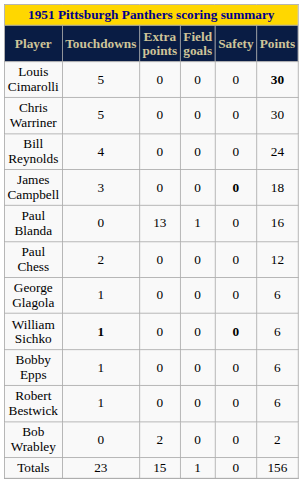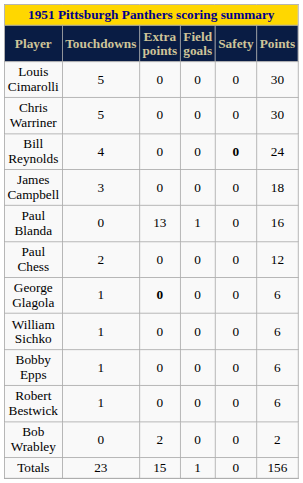 <table class="wikitable" width="35%">
 <tr>
 <th colspan="10" style="background:gold; color:darkblue; text-align: center;"><strong>1951 Pittsburgh Panthers scoring summary</strong></th>
 </tr>
 <tr align="center"  style="background:#091C44;color:#CEC499;">
 <td><strong>Player</strong></td>
 <td><strong>Touchdowns</strong></td>
 <td><strong>Extra points</strong></td>
 <td><strong>Field goals</strong></td>
 <td><strong>Safety</strong></td>
 <td><strong>Points</strong></td>
 </tr>
 <tr align="center" bgcolor="">
 <td>Louis Cimarolli</td>
 <td>5</td>
 <td>0</td>
 <td>0</td>
 <td>0</td>
-<td><strong>30</strong></td>
+<td>30</td>
 </tr>
 <tr align="center" bgcolor="">
 <td>Chris Warriner</td>
 <td>5</td>
 <td>0</td>
 <td>0</td>
 <td>0</td>
 <td>30</td>
 </tr>
 <tr align="center" bgcolor="">
 <td>Bill Reynolds</td>
 <td>4</td>
 <td>0</td>
 <td>0</td>
-<td>0</td>
+<td><strong>0</strong></td>
 <td>24</td>
 </tr>
 <tr align="center" bgcolor="">
 <td>James Campbell</td>
 <td>3</td>
 <td>0</td>
 <td>0</td>
-<td><strong>0</strong></td>
+<td>0</td>
 <td>18</td>
 </tr>
 <tr align="center" bgcolor="">
 <td>Paul Blanda</td>
 <td>0</td>
 <td>13</td>
 <td>1</td>
 <td>0</td>
 <td>16</td>
 </tr>
 <tr align="center" bgcolor="">
 <td>Paul Chess</td>
 <td>2</td>
 <td>0</td>
 <td>0</td>
 <td>0</td>
 <td>12</td>
 </tr>
 <tr align="center" bgcolor="">
 <td>George Glagola</td>
 <td>1</td>
-<td>0</td>
+<td><strong>0</strong></td>
 <td>0</td>
 <td>0</td>
 <td>6</td>
 </tr>
 <tr align="center" bgcolor="">
 <td>William Sichko</td>
-<td><strong>1</strong></td>
+<td>1</td>
 <td>0</td>
 <td>0</td>
-<td><strong>0</strong></td>
+<td>0</td>
 <td>6</td>
 </tr>
 <tr align="center" bgcolor="">
 <td>Bobby Epps</td>
 <td>1</td>
 <td>0</td>
 <td>0</td>
 <td>0</td>
 <td>6</td>
 </tr>
 <tr align="center" bgcolor="">
 <td>Robert Bestwick</td>
 <td>1</td>
 <td>0</td>
 <td>0</td>
 <td>0</td>
 <td>6</td>
 </tr>
 <tr align="center" bgcolor="">
 <td>Bob Wrabley</td>
 <td>0</td>
 <td>2</td>
 <td>0</td>
 <td>0</td>
 <td>2</td>
 </tr>
 <tr align="center" bgcolor="">
 <td>Totals</td>
 <td>23</td>
 <td>15</td>
 <td>1</td>
 <td>0</td>
 <td>156</td>
 </tr>
 <tr align="center" bgcolor="">
 </tr>
 </table>
